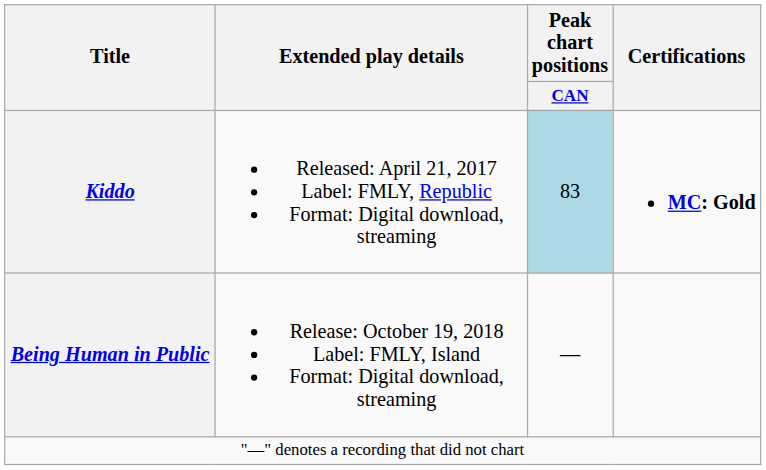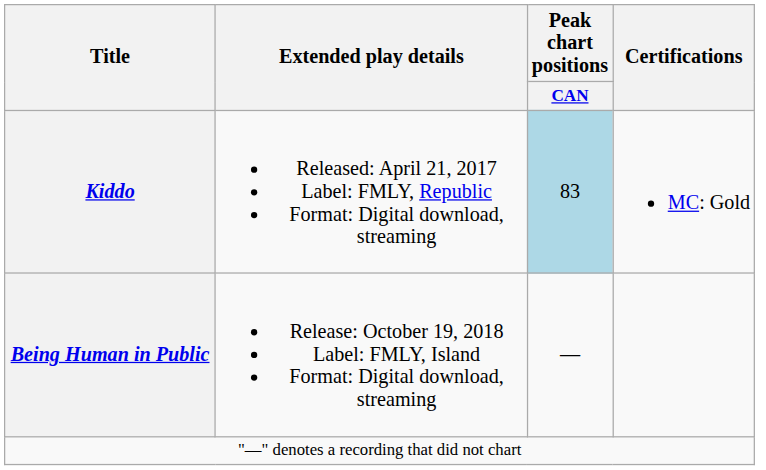 <table class="wikitable plainrowheaders" style="text-align:center;">
 <tr>
 <th scope="col" rowspan="2" style="width:10em;">Title</th>
 <th scope="col" rowspan="2" style="width:15em;">Extended play details</th>
 <th scope="col" colspan="1">Peak chart positions</th>
 <th scope="col" rowspan="2">Certifications</th>
 </tr>
 <tr>
 <th scope="col" style="width:3em;font-size:85%;"><a href='#'>CAN</a><br></th>
 </tr>
 <tr>
 <th scope="row"><em><a href='#'>Kiddo</a></em></th>
 <td><br><ul><li>Released: April 21, 2017</li><li>Label: FMLY, <a href='#'>Republic</a></li><li>Format: Digital download, streaming</li></ul></td>
 <td style="background: lightblue;">83</td>
-<td><strong><br><ul><li><a href='#'>MC</a>: Gold</li></ul></strong></td>
+<td><br><ul><li><a href='#'>MC</a>: Gold</li></ul></td>
 </tr>
 <tr>
 <th scope="row"><em><a href='#'>Being Human in Public</a></em></th>
 <td><br><ul><li>Release: October 19, 2018</li><li>Label: FMLY, Island</li><li>Format: Digital download, streaming</li></ul></td>
 <td>—</td>
 <td></td>
 </tr>
 <tr>
 <td colspan="10" style="font-size:83%">"—" denotes a recording that did not chart</td>
 </tr>
 </table>
